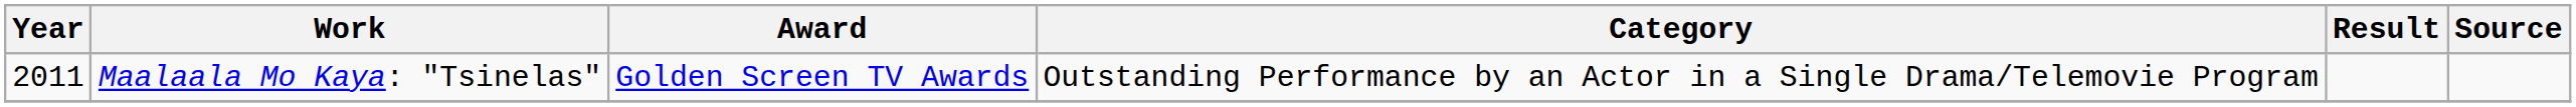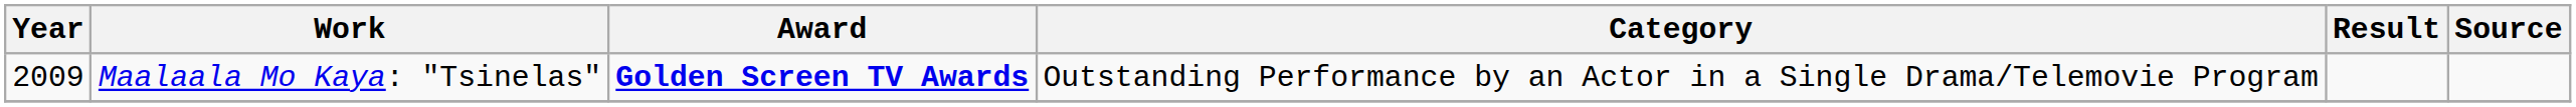 <table class="wikitable">
 <tr>
 <th>Year</th>
 <th>Work</th>
 <th>Award</th>
 <th>Category</th>
 <th>Result</th>
 <th>Source </th>
 </tr>
 <tr>
-<td>2011</td>
+<td>2009</td>
 <td><em><a href='#'>Maalaala Mo Kaya</a></em>: "Tsinelas"</td>
-<td><a href='#'>Golden Screen TV Awards</a></td>
+<td><strong><a href='#'>Golden Screen TV Awards</a></strong></td>
 <td>Outstanding Performance by an Actor in a Single Drama/Telemovie Program</td>
 <td></td>
 <td></td>
 </tr>
 <tr>
 </tr>
 </table>
